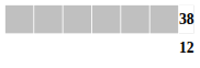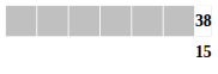 <table border="0" cellpadding="0" cellspacing="1" style="text-align:center; background-color: white; color: black;">
 <tr style="height:30px; background-color: silver;">
 <td style="width:30px;"></td>
 <td style="width:30px;"> </td>
 <td style="width:30px;"> </td>
 <td style="width:30px;"></td>
 <td style="width:30px;"></td>
 <td style="width:30px;"> </td>
 <td style="background-color: white; color: black;"><strong>38</strong></td>
 </tr>
 <tr style="height:30px; background-color:white; color: black;">
 <td style="width:30px;"> </td>
 <td style="width:30px;"> </td>
 <td style="width:30px;"></td>
 <td style="width:30px;"></td>
 <td style="width:30px;"> </td>
 <td style="width:30px;"> </td>
-<td><strong>12</strong></td>
+<td><strong>15</strong></td>
 </tr>
 </table>
